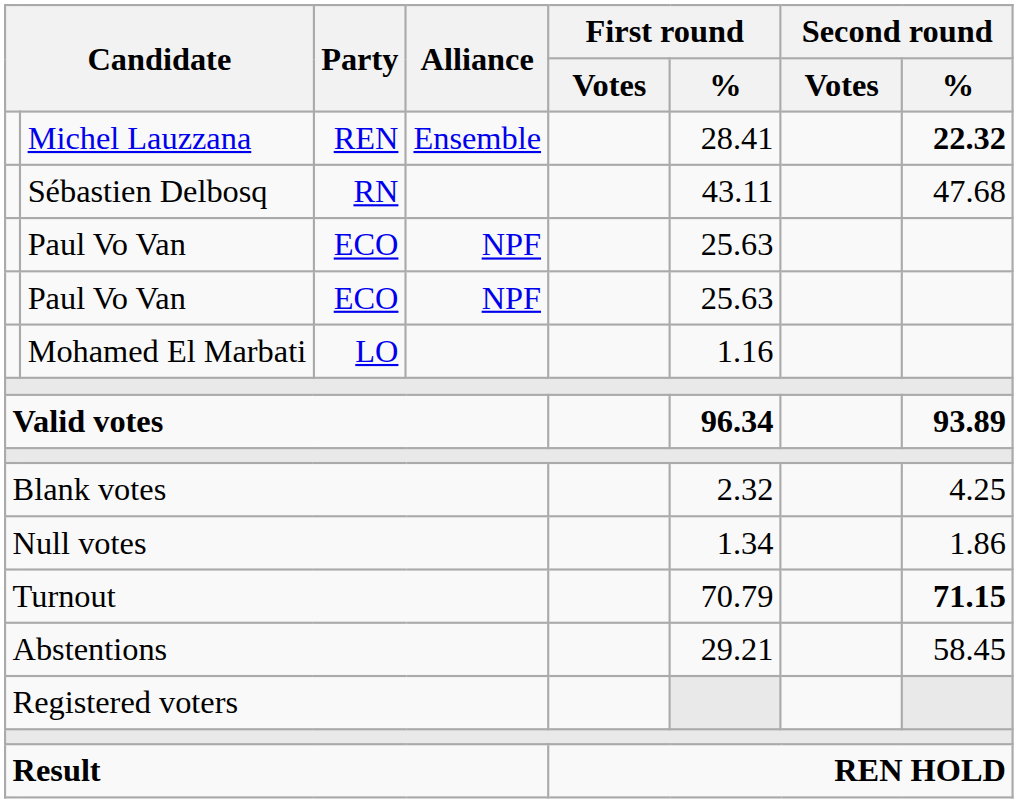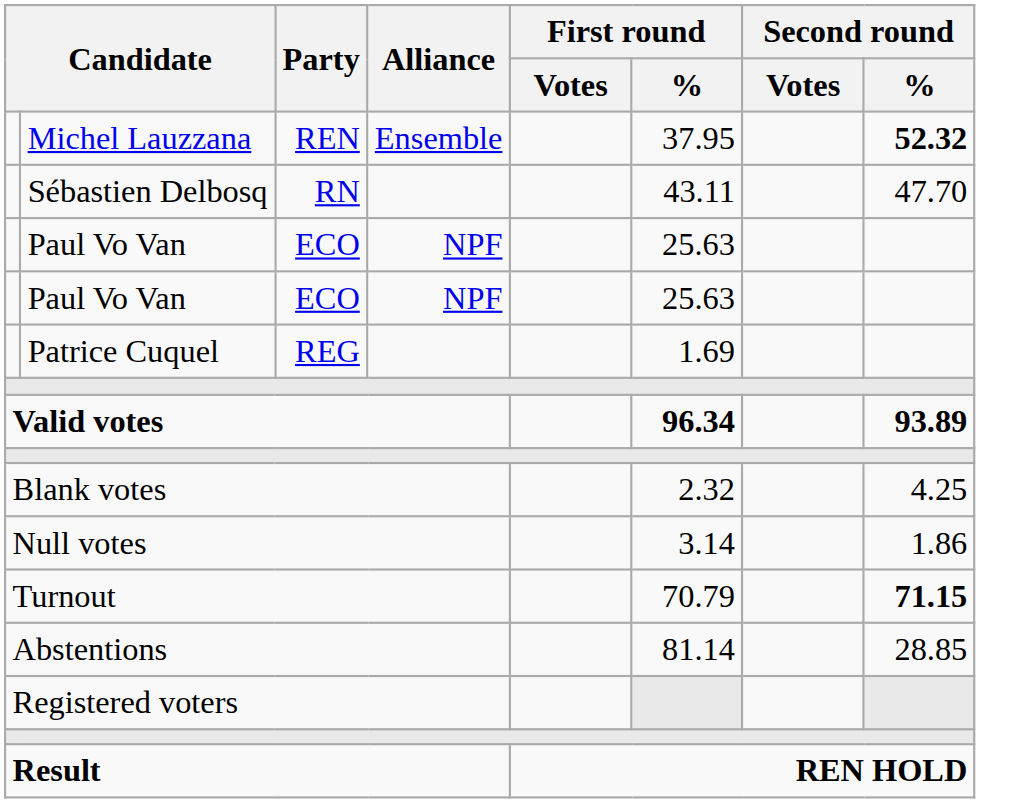 <table class="wikitable" style="text-align:right;font-size:95%;">
 <tr>
 <th colspan="2" rowspan="2">Candidate</th>
 <th colspan="1" rowspan="2">Party</th>
 <th colspan="1" rowspan="2">Alliance</th>
 <th colspan="2">First round</th>
 <th colspan="2">Second round</th>
 </tr>
 <tr>
 <th style="width:50px;">Votes</th>
 <th style="width:45px;">%</th>
 <th style="width:50px;">Votes</th>
 <th style="width:45px;">%</th>
 </tr>
 <tr>
 <td style="color:inherit;background:"></td>
 <td style="text-align:left;"><a href='#'>Michel Lauzzana</a></td>
 <td><a href='#'>REN</a></td>
 <td><a href='#'>Ensemble</a></td>
 <td></td>
-<td>28.41</td>
+<td>37.95</td>
 <td><strong></strong></td>
-<td><strong>22.32</strong></td>
+<td><strong>52.32</strong></td>
 </tr>
 <tr>
 <td style="color:inherit;background:"></td>
 <td style="text-align:left;">Sébastien Delbosq</td>
 <td><a href='#'>RN</a></td>
 <td></td>
 <td></td>
 <td>43.11</td>
 <td></td>
-<td>47.68</td>
+<td>47.70</td>
 </tr>
 <tr>
 <td style="color:inherit;background:"></td>
 <td style="text-align:left;">Paul Vo Van</td>
 <td><a href='#'>ECO</a></td>
 <td><a href='#'>NPF</a></td>
 <td></td>
 <td>25.63</td>
 <td></td>
 <td></td>
 </tr>
 <tr>
 <td style="color:inherit;background:"></td>
 <td style="text-align:left;">Paul Vo Van</td>
 <td><a href='#'>ECO</a></td>
 <td><a href='#'>NPF</a></td>
 <td></td>
 <td>25.63</td>
 <td></td>
 <td></td>
 </tr>
 <tr>
 <td style="color:inherit;background:"></td>
-<td style="text-align:left;">Mohamed El Marbati</td>
-<td><a href='#'>LO</a></td>
+<td style="text-align:left;">Patrice Cuquel</td>
+<td><a href='#'>REG</a></td>
 <td></td>
 <td></td>
-<td>1.16</td>
+<td>1.69</td>
 <td></td>
 <td></td>
 </tr>
 <tr>
 <td colspan="8" style="background:#E9E9E9;"></td>
 </tr>
 <tr style="font-weight:bold;">
 <td colspan="4" style="text-align:left;">Valid votes</td>
 <td></td>
 <td>96.34</td>
 <td></td>
 <td>93.89</td>
 </tr>
 <tr>
 <td colspan="8" style="background:#E9E9E9;"></td>
 </tr>
 <tr>
 <td colspan="4" style="text-align:left;">Blank votes</td>
 <td></td>
 <td>2.32</td>
 <td></td>
 <td>4.25</td>
 </tr>
 <tr>
 <td colspan="4" style="text-align:left;">Null votes</td>
 <td></td>
-<td>1.34</td>
+<td>3.14</td>
 <td></td>
 <td>1.86</td>
 </tr>
 <tr>
 <td colspan="4" style="text-align:left;">Turnout</td>
 <td></td>
 <td>70.79</td>
 <td></td>
 <td><strong>71.15</strong></td>
 </tr>
 <tr>
 <td colspan="4" style="text-align:left;">Abstentions</td>
 <td></td>
-<td>29.21</td>
+<td>81.14</td>
 <td></td>
-<td>58.45</td>
+<td>28.85</td>
 </tr>
 <tr>
 <td colspan="4" style="text-align:left;">Registered voters</td>
 <td></td>
 <td style="background:#E9E9E9;"></td>
 <td></td>
 <td style="background:#E9E9E9;"></td>
 </tr>
 <tr>
 <td colspan="8" style="background:#E9E9E9;"></td>
 </tr>
 <tr style="font-weight:bold">
 <td colspan="4" style="text-align:left;">Result</td>
 <td colspan="4" style="background-color:">REN HOLD</td>
 </tr>
 </table>
